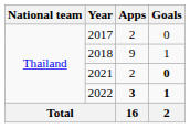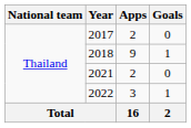 <table class="wikitable" style="text-align:center">
 <tr>
 <th>National team</th>
 <th>Year</th>
 <th>Apps</th>
 <th>Goals</th>
 </tr>
 <tr>
 <td rowspan="4"><a href='#'>Thailand</a></td>
 <td>2017</td>
 <td>2</td>
 <td>0</td>
 </tr>
 <tr>
 <td>2018</td>
 <td>9</td>
 <td>1</td>
 </tr>
 <tr>
 <td>2021</td>
 <td>2</td>
-<td><strong>0</strong></td>
+<td>0</td>
 </tr>
 <tr>
 <td>2022</td>
-<td><strong>3</strong></td>
-<td><strong>1</strong></td>
+<td>3</td>
+<td>1</td>
 </tr>
 <tr>
 <th colspan="2">Total</th>
 <th>16</th>
 <th>2</th>
 </tr>
 </table>
